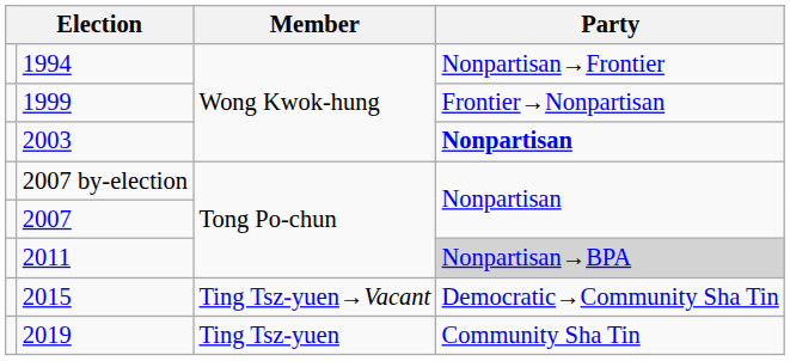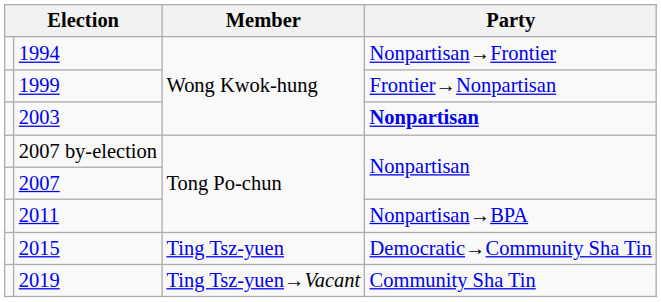 <table class="wikitable">
 <tr>
 <th colspan="2">Election</th>
 <th>Member</th>
 <th>Party</th>
 </tr>
 <tr>
 <td style="background-color: "></td>
 <td><a href='#'>1994</a></td>
 <td rowspan=3>Wong Kwok-hung</td>
 <td><a href='#'>Nonpartisan</a>→<a href='#'>Frontier</a></td>
 </tr>
 <tr>
 <td style="background-color: "></td>
 <td><a href='#'>1999</a></td>
 <td><a href='#'>Frontier</a>→<a href='#'>Nonpartisan</a></td>
 </tr>
 <tr>
 <td style="background-color: "></td>
 <td><a href='#'>2003</a></td>
 <td><strong><a href='#'>Nonpartisan</a></strong></td>
 </tr>
 <tr>
 <td style="background-color: "></td>
 <td>2007 by-election</td>
 <td rowspan=3>Tong Po-chun</td>
 <td rowspan=2><a href='#'>Nonpartisan</a></td>
 </tr>
 <tr>
 <td style="background-color: "></td>
 <td><a href='#'>2007</a></td>
 </tr>
 <tr>
 <td style="background-color: "></td>
 <td><a href='#'>2011</a></td>
-<td style="background: lightgrey;"><a href='#'>Nonpartisan</a>→<a href='#'>BPA</a></td>
+<td><a href='#'>Nonpartisan</a>→<a href='#'>BPA</a></td>
 </tr>
 <tr>
 <td style="background-color: "></td>
 <td><a href='#'>2015</a></td>
-<td><a href='#'>Ting Tsz-yuen</a>→<em>Vacant</em></td>
+<td><a href='#'>Ting Tsz-yuen</a></td>
 <td><a href='#'>Democratic</a>→<a href='#'>Community Sha Tin</a></td>
 </tr>
 <tr>
 <td style="background-color: "></td>
 <td><a href='#'>2019</a></td>
-<td><a href='#'>Ting Tsz-yuen</a></td>
+<td><a href='#'>Ting Tsz-yuen</a>→<em>Vacant</em></td>
 <td><a href='#'>Community Sha Tin</a></td>
 </tr>
 </table>
